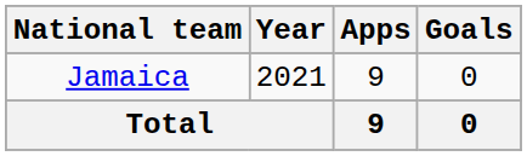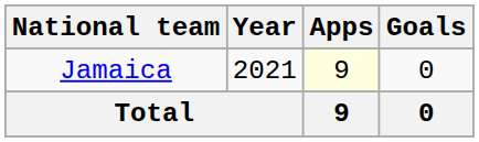 <table class="wikitable" style="text-align:center">
 <tr>
 <th>National team</th>
 <th>Year</th>
 <th>Apps</th>
 <th>Goals</th>
 </tr>
 <tr>
 <td rowspan="1"><a href='#'>Jamaica</a></td>
 <td>2021</td>
-<td>9</td>
+<td style="background: lightyellow;">9</td>
 <td>0</td>
 </tr>
 <tr>
 <th colspan="2">Total</th>
 <th>9</th>
 <th>0</th>
 </tr>
 </table>
